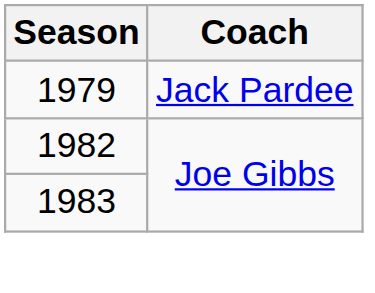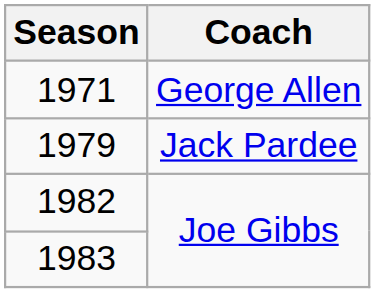 <table class="wikitable" style="text-align:center">
 <tr>
 <th>Season</th>
 <th>Coach</th>
+</tr>
+<tr>
+<td>1971</td>
+<td><a href='#'>George Allen</a></td>
 </tr>
 <tr>
 <td>1979</td>
 <td><a href='#'>Jack Pardee</a></td>
 </tr>
 <tr>
 <td>1982</td>
 <td rowspan="2"><a href='#'>Joe Gibbs</a></td>
 </tr>
 <tr>
 <td>1983</td>
 </tr>
 </table>
